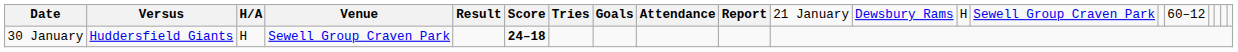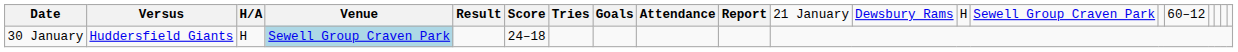 <table class="wikitable defaultleft col3center col6center col9right" style="font-size:90%;">
 <tr>
 <th>Date</th>
 <th>Versus</th>
 <th>H/A</th>
 <th>Venue</th>
 <th>Result</th>
 <th>Score</th>
 <th>Tries</th>
 <th>Goals</th>
 <th>Attendance</th>
 <th>Report</th>
 <td>21 January</td>
 <td> <a href='#'>Dewsbury Rams</a></td>
 <td>H</td>
 <td><a href='#'>Sewell Group Craven Park</a></td>
 <td></td>
 <td>60–12</td>
 <td></td>
 <td></td>
 <td></td>
 <td></td>
 </tr>
 <tr>
 <td>30 January</td>
 <td> <a href='#'>Huddersfield Giants</a></td>
 <td>H</td>
-<td><a href='#'>Sewell Group Craven Park</a></td>
+<td style="background: lightblue;"><a href='#'>Sewell Group Craven Park</a></td>
 <td></td>
-<td><strong>24–18</strong></td>
+<td>24–18</td>
 <td></td>
 <td></td>
 <td></td>
 <td></td>
 </tr>
 </table>
